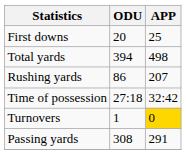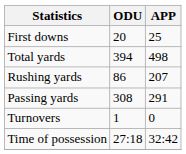 <table class="wikitable" style="float: left;">
 <tr>
 <th>Statistics</th>
 <th>ODU</th>
 <th>APP</th>
 </tr>
 <tr>
 <td>First downs</td>
 <td>20</td>
 <td>25</td>
 </tr>
 <tr>
 <td>Total yards</td>
 <td>394</td>
 <td>498</td>
 </tr>
 <tr>
 <td>Rushing yards</td>
 <td>86</td>
 <td>207</td>
 </tr>
 <tr>
+<td>Passing yards</td>
+<td>308</td>
+<td>291</td>
+</tr>
+<tr>
+<td>Turnovers</td>
+<td>1</td>
+<td>0</td>
+</tr>
+<tr>
 <td>Time of possession</td>
 <td>27:18</td>
 <td>32:42</td>
 </tr>
 <tr>
-<td>Turnovers</td>
-<td>1</td>
-<td style="background: gold;">0</td>
-</tr>
-<tr>
-<td>Passing yards</td>
-<td>308</td>
-<td>291</td>
-</tr>
-<tr>
 </tr>
 </table>
